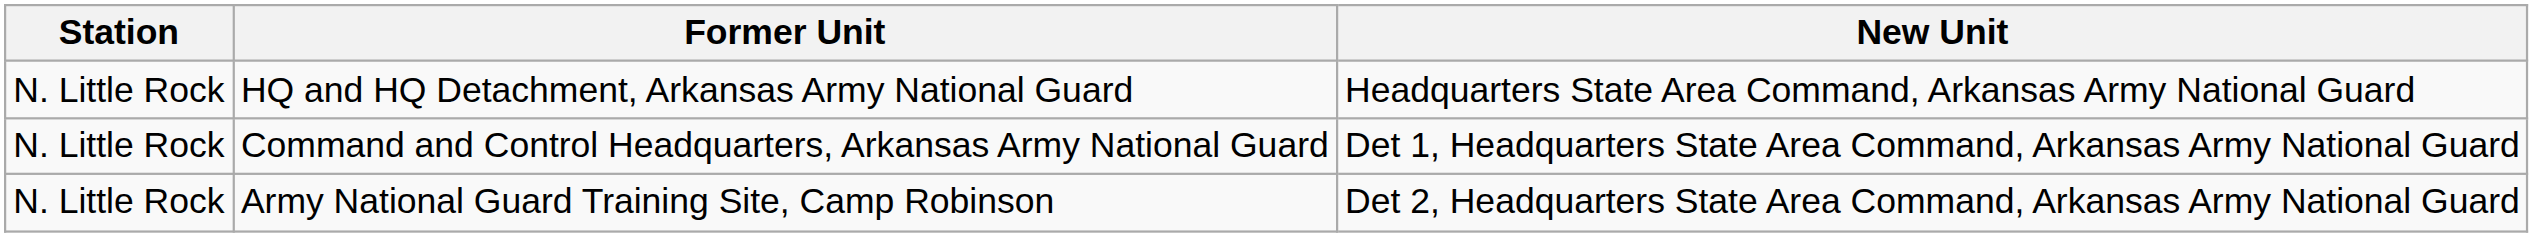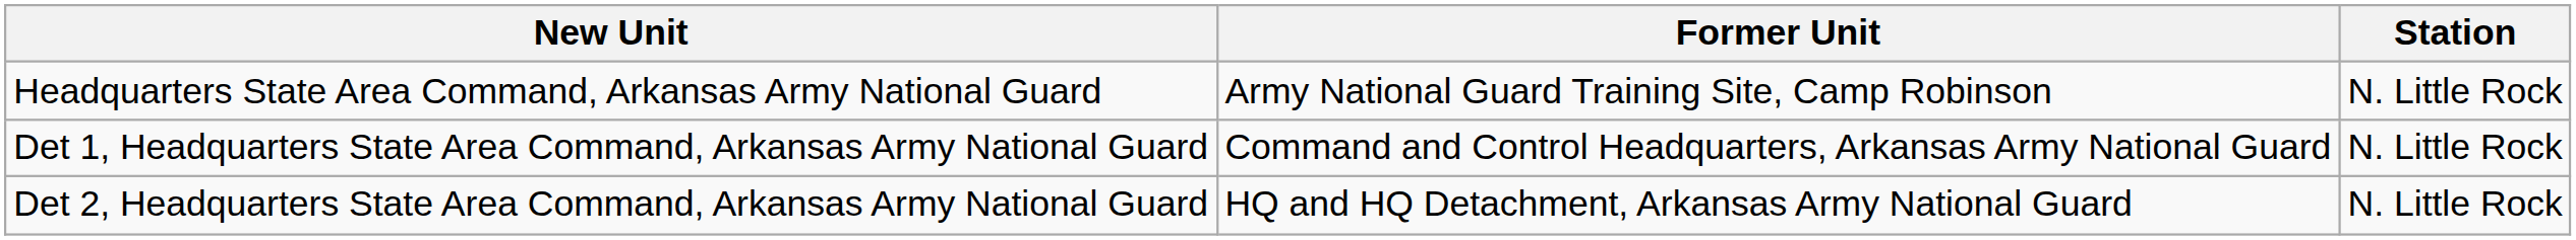 <table class="wikitable">
 <tr>
+<th>New Unit</th>
+<th>Former Unit</th>
 <th>Station</th>
-<th>Former Unit</th>
-<th>New Unit</th>
 </tr>
 <tr>
+<td>Headquarters State Area Command, Arkansas Army National Guard</td>
+<td>Army National Guard Training Site, Camp Robinson</td>
 <td>N. Little Rock</td>
-<td>HQ and HQ Detachment, Arkansas Army National Guard</td>
-<td>Headquarters State Area Command, Arkansas Army National Guard</td>
 </tr>
 <tr>
+<td>Det 1, Headquarters State Area Command, Arkansas Army National Guard</td>
+<td>Command and Control Headquarters, Arkansas Army National Guard</td>
 <td>N. Little Rock</td>
-<td>Command and Control Headquarters, Arkansas Army National Guard</td>
-<td>Det 1, Headquarters State Area Command, Arkansas Army National Guard</td>
 </tr>
 <tr>
+<td>Det 2, Headquarters State Area Command, Arkansas Army National Guard</td>
+<td>HQ and HQ Detachment, Arkansas Army National Guard</td>
 <td>N. Little Rock</td>
-<td>Army National Guard Training Site, Camp Robinson</td>
-<td>Det 2, Headquarters State Area Command, Arkansas Army National Guard</td>
 </tr>
 </table>
